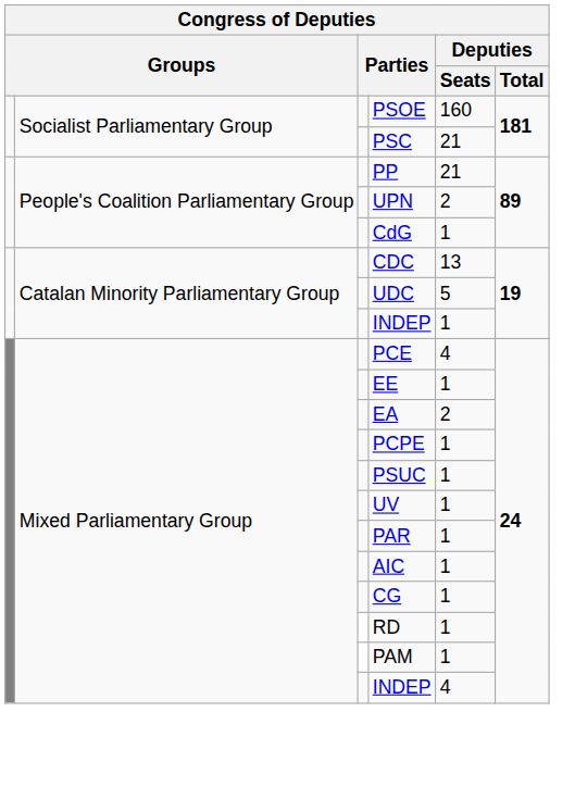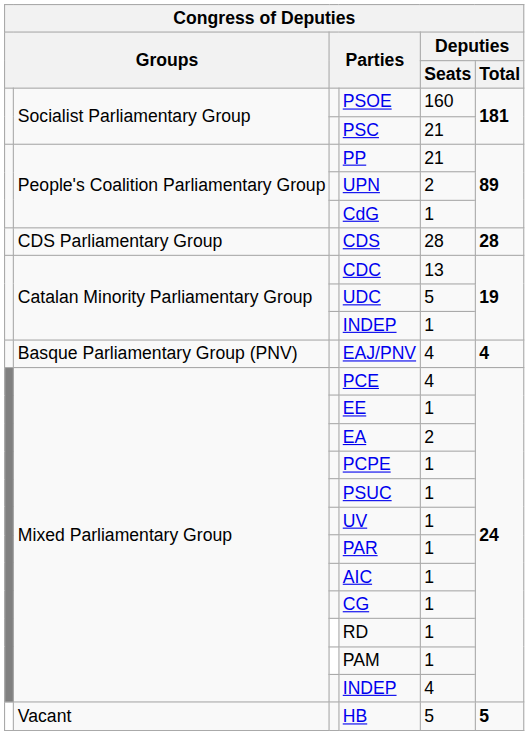 <table class="wikitable" style="text-align:left;">
 <tr>
 <th colspan="6">Congress of Deputies</th>
 </tr>
 <tr>
 <th rowspan="2" colspan="2">Groups</th>
 <th rowspan="2" colspan="2">Parties</th>
 <th colspan="2">Deputies</th>
 </tr>
 <tr>
 <th>Seats</th>
 <th>Total</th>
 </tr>
 <tr>
 <td width="1" rowspan="2"></td>
 <td rowspan="2">Socialist Parliamentary Group</td>
 <td width="1" style="color:inherit;background:"></td>
 <td><a href='#'>PSOE</a></td>
 <td>160</td>
 <td rowspan="2"><strong>181</strong></td>
 </tr>
 <tr>
 <td style="color:inherit;background:"></td>
 <td><a href='#'>PSC</a></td>
 <td>21</td>
 </tr>
 <tr>
 <td rowspan="3" style="color:inherit;background:"></td>
 <td rowspan="3">People's Coalition Parliamentary Group</td>
 <td style="color:inherit;background:"></td>
 <td><a href='#'>PP</a></td>
 <td>21</td>
 <td rowspan="3"><strong>89</strong></td>
 </tr>
 <tr>
 <td style="color:inherit;background:"></td>
 <td><a href='#'>UPN</a></td>
 <td>2</td>
 </tr>
 <tr>
 <td style="color:inherit;background:"></td>
 <td><a href='#'>CdG</a></td>
 <td>1</td>
 </tr>
 <tr>
+<td style="color:inherit;background:"></td>
+<td>CDS Parliamentary Group</td>
+<td style="color:inherit;background:"></td>
+<td><a href='#'>CDS</a></td>
+<td>28</td>
+<td><strong>28</strong></td>
+</tr>
+<tr>
 <td rowspan="3" style="color:inherit;background:"></td>
 <td rowspan="3">Catalan Minority Parliamentary Group</td>
 <td style="color:inherit;background:"></td>
 <td><a href='#'>CDC</a></td>
 <td>13</td>
 <td rowspan="3"><strong>19</strong></td>
 </tr>
 <tr>
 <td style="color:inherit;background:"></td>
 <td><a href='#'>UDC</a></td>
 <td>5</td>
 </tr>
 <tr>
 <td style="color:inherit;background:"></td>
 <td><a href='#'>INDEP</a></td>
 <td>1</td>
+</tr>
+<tr>
+<td style="color:inherit;background:"></td>
+<td>Basque Parliamentary Group (PNV)</td>
+<td style="color:inherit;background:"></td>
+<td><a href='#'>EAJ/PNV</a></td>
+<td>4</td>
+<td><strong>4</strong></td>
 </tr>
 <tr>
 <td rowspan="12" bgcolor="gray"></td>
 <td rowspan="12">Mixed Parliamentary Group</td>
 <td style="color:inherit;background:"></td>
 <td><a href='#'>PCE</a></td>
 <td>4</td>
 <td rowspan="12"><strong>24</strong></td>
 </tr>
 <tr>
 <td style="color:inherit;background:"></td>
 <td><a href='#'>EE</a></td>
 <td>1</td>
 </tr>
 <tr>
 <td style="color:inherit;background:"></td>
 <td><a href='#'>EA</a></td>
 <td>2</td>
 </tr>
 <tr>
 <td style="color:inherit;background:"></td>
 <td><a href='#'>PCPE</a></td>
 <td>1</td>
 </tr>
 <tr>
 <td style="color:inherit;background:"></td>
 <td><a href='#'>PSUC</a></td>
 <td>1</td>
 </tr>
 <tr>
 <td style="color:inherit;background:"></td>
 <td><a href='#'>UV</a></td>
 <td>1</td>
 </tr>
 <tr>
 <td style="color:inherit;background:"></td>
 <td><a href='#'>PAR</a></td>
 <td>1</td>
 </tr>
 <tr>
 <td style="color:inherit;background:"></td>
 <td><a href='#'>AIC</a></td>
 <td>1</td>
 </tr>
 <tr>
 <td style="color:inherit;background:"></td>
 <td><a href='#'>CG</a></td>
 <td>1</td>
 </tr>
 <tr>
 <td bgcolor="white"></td>
 <td>RD</td>
 <td>1</td>
 </tr>
 <tr>
 <td bgcolor="white"></td>
 <td>PAM</td>
 <td>1</td>
 </tr>
 <tr>
 <td style="color:inherit;background:"></td>
 <td><a href='#'>INDEP</a></td>
 <td>4</td>
 </tr>
+<tr>
+<td bgcolor="white"></td>
+<td>Vacant</td>
+<td style="color:inherit;background:"></td>
+<td><a href='#'>HB</a></td>
+<td>5</td>
+<td><strong>5</strong></td>
+</tr>
 </table>
